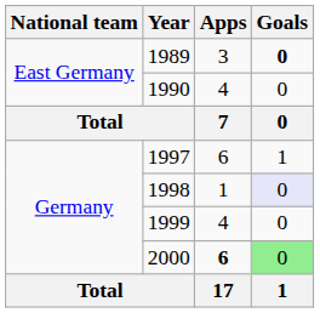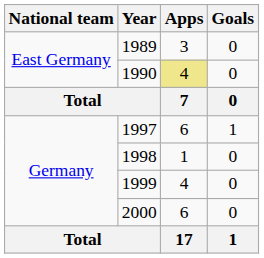 <table class="wikitable" style="text-align:center">
 <tr>
 <th>National team</th>
 <th>Year</th>
 <th>Apps</th>
 <th>Goals</th>
 </tr>
 <tr>
 <td rowspan="2"><a href='#'>East Germany</a></td>
 <td>1989</td>
 <td>3</td>
-<td><strong>0</strong></td>
+<td>0</td>
 </tr>
 <tr>
 <td>1990</td>
-<td>4</td>
+<td style="background: khaki;">4</td>
 <td>0</td>
 </tr>
 <tr>
 <th colspan="2">Total</th>
 <th>7</th>
 <th>0</th>
 </tr>
 <tr>
 <td rowspan="4"><a href='#'>Germany</a></td>
 <td>1997</td>
 <td>6</td>
 <td>1</td>
 </tr>
 <tr>
 <td>1998</td>
 <td>1</td>
-<td style="background: lavender;">0</td>
+<td>0</td>
 </tr>
 <tr>
 <td>1999</td>
 <td>4</td>
 <td>0</td>
 </tr>
 <tr>
 <td>2000</td>
-<td><strong>6</strong></td>
-<td style="background: lightgreen;">0</td>
+<td>6</td>
+<td>0</td>
 </tr>
 <tr>
 <th colspan="2">Total</th>
 <th>17</th>
 <th>1</th>
 </tr>
 </table>
